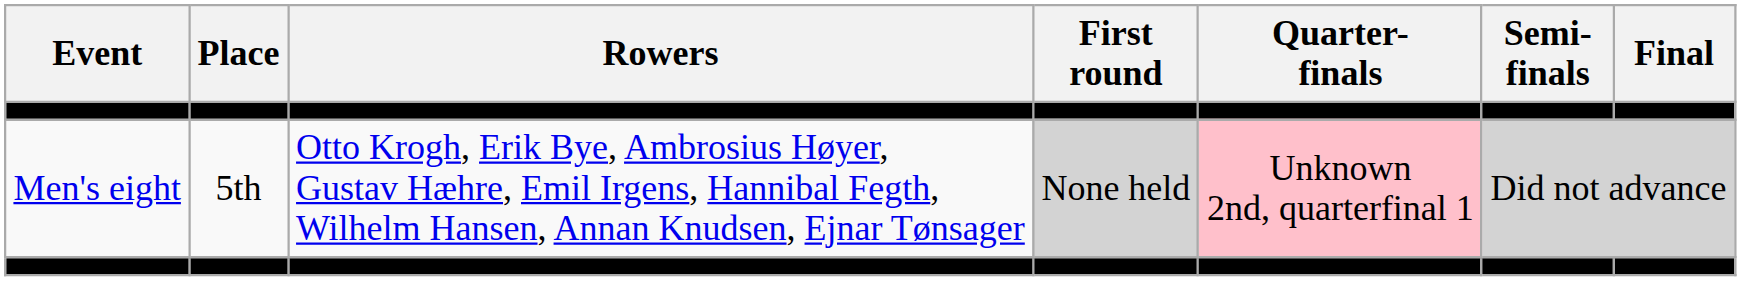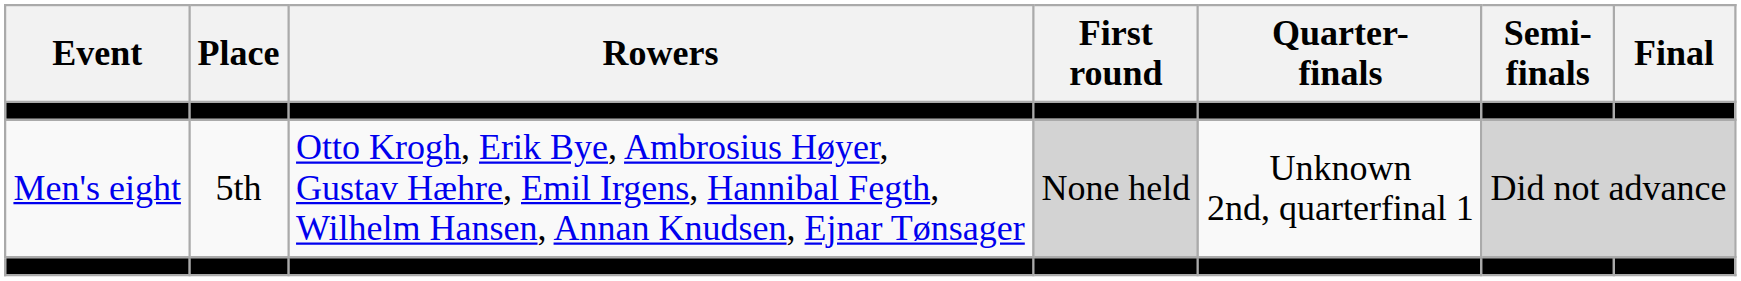 <table class=wikitable>
 <tr>
 <th>Event</th>
 <th>Place</th>
 <th>Rowers</th>
 <th>First <br> round</th>
 <th>Quarter-<br>finals</th>
 <th>Semi-<br>finals</th>
 <th>Final</th>
 </tr>
 <tr bgcolor=black>
 <td></td>
 <td></td>
 <td></td>
 <td></td>
 <td></td>
 <td></td>
 <td></td>
 </tr>
 <tr align=center>
 <td align=left><a href='#'>Men's eight</a></td>
 <td>5th</td>
 <td align=left><a href='#'>Otto Krogh</a>, <a href='#'>Erik Bye</a>, <a href='#'>Ambrosius Høyer</a>, <br> <a href='#'>Gustav Hæhre</a>, <a href='#'>Emil Irgens</a>, <a href='#'>Hannibal Fegth</a>, <br> <a href='#'>Wilhelm Hansen</a>, <a href='#'>Annan Knudsen</a>, <a href='#'>Ejnar Tønsager</a></td>
 <td bgcolor=lightgray>None held</td>
-<td style="background: pink;">Unknown <br> 2nd, quarterfinal 1</td>
+<td>Unknown <br> 2nd, quarterfinal 1</td>
 <td colspan=2 bgcolor=lightgray>Did not advance</td>
 </tr>
 <tr bgcolor=black>
 <td></td>
 <td></td>
 <td></td>
 <td></td>
 <td></td>
 <td></td>
 <td></td>
 </tr>
 </table>
